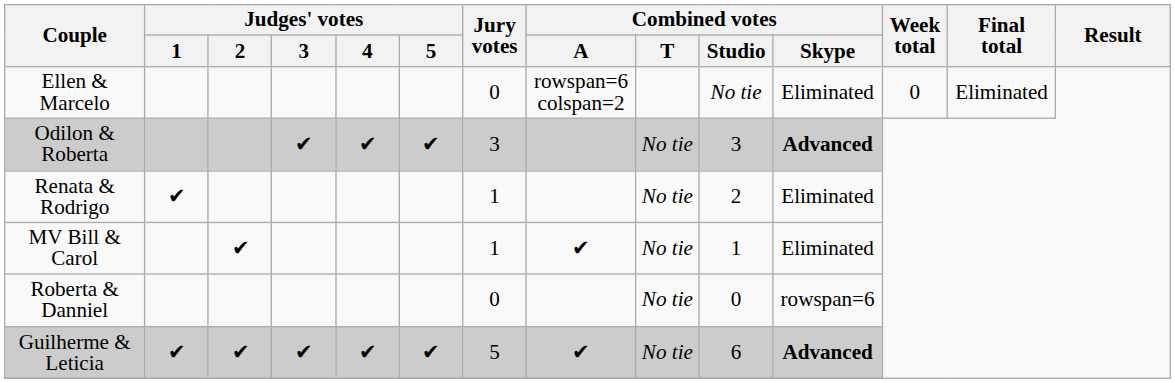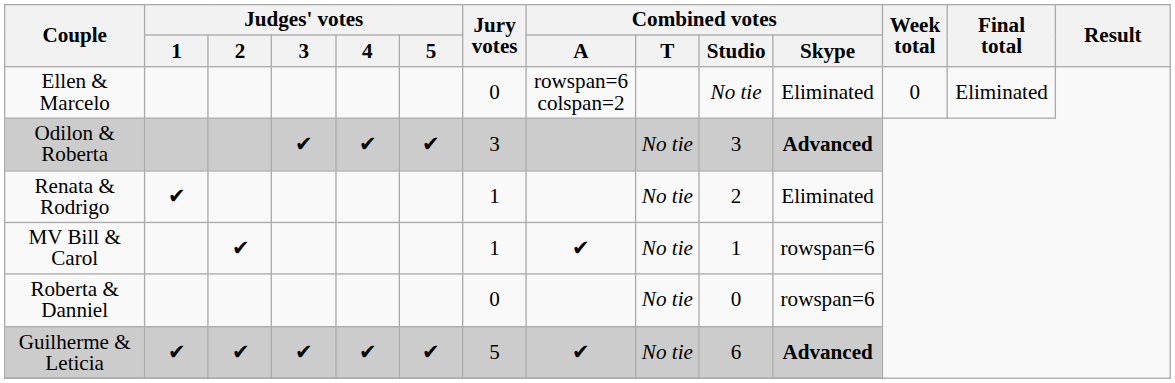 <table class="wikitable" style="font-size:100%; line-height:16px; text-align:center" width="100%">
 <tr>
 <th rowspan=2 width="11.00%">Couple</th>
 <th colspan=5 width="25.00%">Judges' votes</th>
 <th rowspan=2 width="05.00%">Jury<br>votes</th>
 <th colspan=4 width="20.00%">Combined votes</th>
 <th rowspan=2 width="05.00%">Week<br>total</th>
 <th rowspan=2 width="05.00%">Final<br>total</th>
 <th rowspan=2 width="09.00%">Result</th>
 </tr>
 <tr>
 <th width="05.00%">1</th>
 <th width="05.00%">2</th>
 <th width="05.00%">3</th>
 <th width="05.00%">4</th>
 <th width="05.00%">5</th>
 <th width="05.00%">A</th>
 <th width="05.00%">T</th>
 <th width="05.00%">Studio</th>
 <th width="05.00%">Skype</th>
 </tr>
 <tr>
 <td>Ellen & Marcelo</td>
 <td></td>
 <td></td>
 <td></td>
 <td></td>
 <td></td>
 <td>0</td>
 <td>rowspan=6 colspan=2 </td>
 <td></td>
 <td><em>No tie</em></td>
 <td>Eliminated</td>
 <td>0</td>
 <td>Eliminated</td>
 </tr>
 <tr bgcolor="CCCCCC">
 <td>Odilon & Roberta</td>
 <td></td>
 <td></td>
 <td>✔</td>
 <td>✔</td>
 <td>✔</td>
 <td>3</td>
 <td></td>
 <td><em>No tie</em></td>
 <td>3</td>
 <td><strong>Advanced</strong></td>
 </tr>
 <tr>
 <td>Renata & Rodrigo</td>
 <td>✔</td>
 <td></td>
 <td></td>
 <td></td>
 <td></td>
 <td>1</td>
 <td></td>
 <td><em>No tie</em></td>
 <td>2</td>
 <td>Eliminated</td>
 </tr>
 <tr>
 <td>MV Bill & Carol</td>
 <td></td>
 <td>✔</td>
 <td></td>
 <td></td>
 <td></td>
 <td>1</td>
 <td>✔</td>
 <td><em>No tie</em></td>
 <td>1</td>
-<td>Eliminated</td>
+<td>rowspan=6 </td>
 </tr>
 <tr>
 <td>Roberta & Danniel</td>
 <td></td>
 <td></td>
 <td></td>
 <td></td>
 <td></td>
 <td>0</td>
 <td></td>
 <td><em>No tie</em></td>
 <td>0</td>
 <td>rowspan=6 </td>
 </tr>
 <tr bgcolor="CCCCCC">
 <td>Guilherme & Leticia</td>
 <td>✔</td>
 <td>✔</td>
 <td>✔</td>
 <td>✔</td>
 <td>✔</td>
 <td>5</td>
 <td>✔</td>
 <td><em>No tie</em></td>
 <td>6</td>
 <td><strong>Advanced</strong></td>
 </tr>
 <tr>
 </tr>
 </table>
